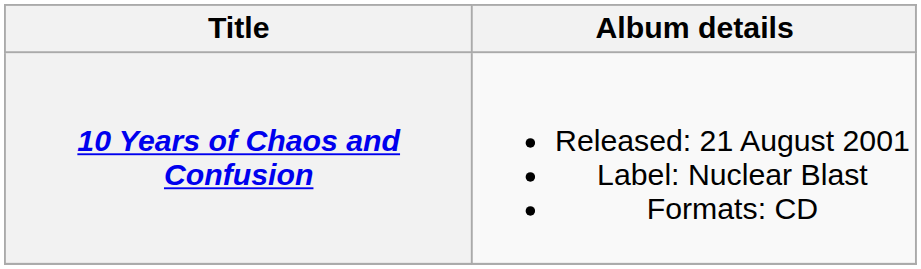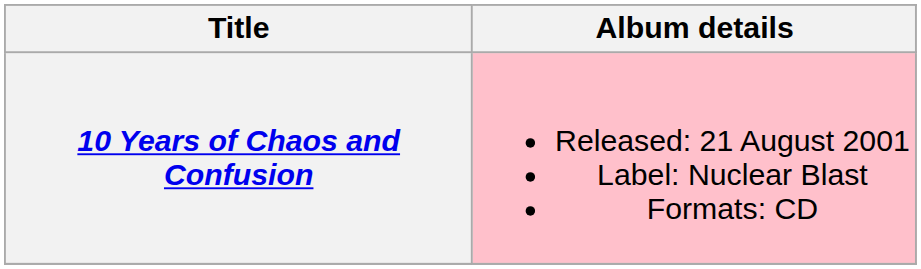 <table class="wikitable plainrowheaders" style="text-align:center;">
 <tr>
 <th scope="col" style="width:15em;">Title</th>
 <th scope="col">Album details</th>
 </tr>
 <tr>
 <th scope="row"><em><a href='#'>10 Years of Chaos and Confusion</a></em></th>
-<td><br><ul><li>Released: 21 August 2001</li><li>Label: Nuclear Blast</li><li>Formats: CD</li></ul></td>
+<td style="background: pink;"><br><ul><li>Released: 21 August 2001</li><li>Label: Nuclear Blast</li><li>Formats: CD</li></ul></td>
 </tr>
 <tr>
 </tr>
 </table>
